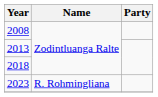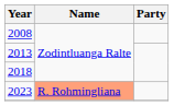 <table class="wikitable sortable">
 <tr>
 <th>Year</th>
 <th>Name</th>
 <th colspan=2>Party</th>
 </tr>
 <tr>
 <td><a href='#'>2008</a></td>
 <td rowspan=3><a href='#'>Zodintluanga Ralte</a></td>
 <td></td>
 </tr>
 <tr>
 <td><a href='#'>2013</a></td>
 </tr>
 <tr>
 <td><a href='#'>2018</a></td>
 </tr>
 <tr>
 <td><a href='#'>2023</a></td>
-<td><a href='#'>R. Rohmingliana</a></td>
+<td style="background: lightsalmon;"><a href='#'>R. Rohmingliana</a></td>
 <td></td>
 </tr>
 <tr>
 </tr>
 </table>
